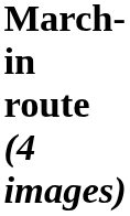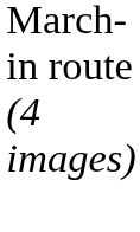 <table style="float:right; border:0px solid #BBB; width: 140px; height: 100px; margin: 1 1 1 1;">
 <tr>
 <td style="width: 5em;"> </td>
 <td></td>
 </tr>
 <tr>
 <td style="width: 5em;"> </td>
 <td></td>
 </tr>
 <tr>
 <td style="width: 5em;"> </td>
 <td></td>
 </tr>
 <tr>
 <td style="width: 5em;"> </td>
-<td><strong><br>March-in route<br><em>(4 images)</em></strong></td>
+<td><br>March-in route<br><em>(4 images)</em></td>
 </tr>
 </table>
